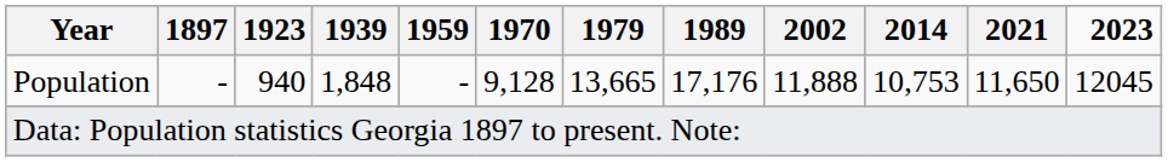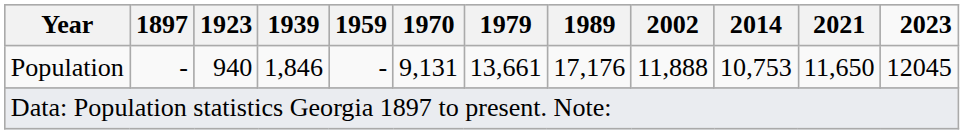 <table class="wikitable" style="text-align:right">
 <tr>
 <th>Year</th>
 <th>1897</th>
 <th>1923</th>
 <th>1939</th>
 <th>1959</th>
 <th>1970</th>
 <th>1979</th>
 <th>1989</th>
 <th>2002</th>
 <th>2014</th>
 <th>2021</th>
 <td><strong>2023</strong></td>
 </tr>
 <tr>
 <td>Population</td>
 <td>-</td>
 <td>940</td>
-<td> 1,848</td>
+<td> 1,846</td>
 <td>-</td>
-<td> 9,128</td>
-<td> 13,665</td>
+<td> 9,131</td>
+<td> 13,661</td>
 <td> 17,176</td>
 <td> 11,888</td>
 <td> 10,753</td>
 <td> 11,650</td>
 <td>12045</td>
 </tr>
 <tr>
 <td colspan=15 class="wikitable" style="align:left;text-align:left;background-color:#eaecf0">Data: Population statistics Georgia 1897 to present. Note:</td>
 </tr>
 </table>
